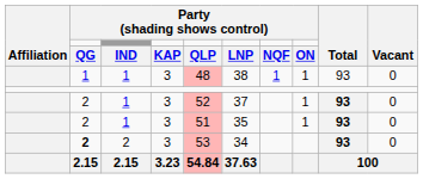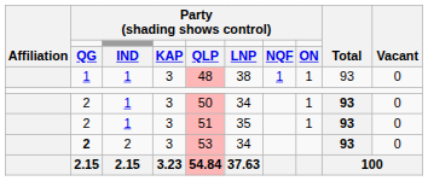 <table class="wikitable" style="text-align:center">
 <tr style="vertical-align:bottom;">
 <th rowspan="3">Affiliation</th>
 <th colspan="7">Party <div>(shading shows control)</div></th>
 <th rowspan="3" style="width: 55px">Total</th>
 <th rowspan="3" style="width: 55px">Vacant</th>
 </tr>
 <tr style="height:5px">
 <td bgcolor=></td>
 <td bgcolor=#9C9C9C style="width: 55px"></td>
 <td bgcolor=></td>
 <td bgcolor=></td>
 <td bgcolor=></td>
 <td bgcolor=></td>
 <td bgcolor=></td>
 </tr>
 <tr>
 <th><a href='#'>QG</a></th>
 <th><a href='#'>IND</a></th>
 <th><a href='#'>KAP</a></th>
 <th><a href='#'>QLP</a></th>
 <th><a href='#'>LNP</a></th>
 <th><a href='#'>NQF</a></th>
 <th><a href='#'>ON</a></th>
 </tr>
 <tr>
 <th></th>
 <td><a href='#'>1</a></td>
 <td><a href='#'>1</a></td>
 <td>3</td>
 <td style="background-color:#FFB6B6">48</td>
 <td>38</td>
 <td><a href='#'>1</a></td>
 <td>1</td>
 <td>93</td>
 <td>0</td>
 </tr>
 <tr>
 <td colspan="11"></td>
 </tr>
 <tr>
 <th></th>
 <td>2</td>
 <td><a href='#'>1</a></td>
 <td>3</td>
-<td style="background-color:#FFB6B6">52</td>
-<td>37</td>
+<td style="background-color:#FFB6B6">50</td>
+<td>34</td>
 <td></td>
 <td>1</td>
 <th>93</th>
 <td>0</td>
 </tr>
 <tr>
 <th></th>
 <td>2</td>
 <td><a href='#'>1</a></td>
 <td>3</td>
 <td style="background-color:#FFB6B6">51</td>
 <td>35</td>
 <td></td>
 <td>1</td>
 <th>93</th>
 <td>0</td>
 </tr>
 <tr>
 <th></th>
 <td><strong>2</strong></td>
 <td>2</td>
 <td>3</td>
 <td style="background-color:#FFB6B6">53</td>
 <td>34</td>
 <td></td>
 <td></td>
 <th>93</th>
 <td>0</td>
 </tr>
 <tr>
 <th></th>
 <th>2.15</th>
 <th>2.15</th>
 <th>3.23</th>
 <th style="background-color:#FFB6B6">54.84</th>
 <th>37.63</th>
 <th></th>
 <th></th>
 <th colspan="2">100</th>
 </tr>
 </table>
